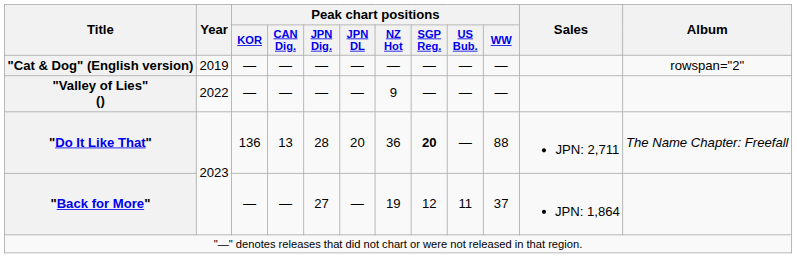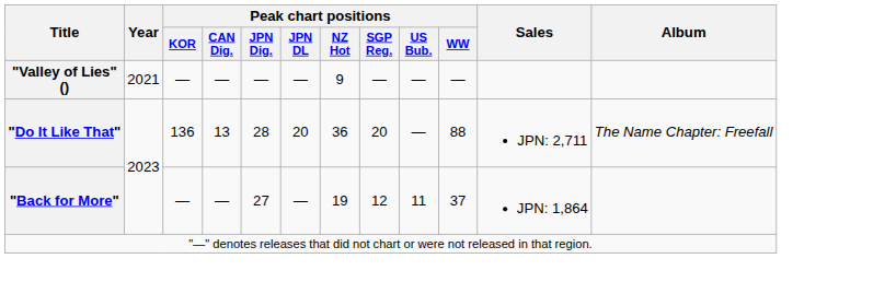 <table class="wikitable plainrowheaders" style="text-align:center">
 <tr>
 <th scope="col" rowspan="2">Title</th>
 <th scope="col" rowspan="2">Year</th>
 <th scope="col" colspan="8">Peak chart positions</th>
 <th scope="col" rowspan="2">Sales</th>
 <th scope="col" rowspan="2">Album</th>
 </tr>
 <tr>
 <th scope="col" style="width:2.75em;font-size:85%"><a href='#'>KOR</a><br></th>
 <th scope="col" style="width:2.75em;font-size:85%"><a href='#'>CAN<br>Dig.</a><br></th>
 <th scope="col" style="width:2.75em;font-size:85%"><a href='#'>JPN<br>Dig.</a><br></th>
 <th scope="col" style="width:2.75em;font-size:85%"><a href='#'>JPN<br>DL</a><br></th>
 <th scope="col" style="width:2.75em;font-size:85%"><a href='#'>NZ Hot</a><br></th>
 <th scope="col" style="width:2.75em;font-size:85%"><a href='#'>SGP<br>Reg.</a><br></th>
 <th scope="col" style="width:2.75em;font-size:85%"><a href='#'>US<br>Bub.</a><br></th>
 <th scope="col" style="width:2.75em;font-size:85%"><a href='#'>WW</a><br></th>
 </tr>
 <tr>
-<th scope="row">"Cat & Dog" (English version)</th>
-<td>2019</td>
-<td>—</td>
-<td>—</td>
-<td>—</td>
-<td>—</td>
-<td>—</td>
-<td>—</td>
-<td>—</td>
-<td>—</td>
-<td></td>
-<td>rowspan="2" </td>
-</tr>
-<tr>
 <th scope="row">"Valley of Lies"<br>()</th>
-<td>2022</td>
+<td>2021</td>
 <td>—</td>
 <td>—</td>
 <td>—</td>
 <td>—</td>
 <td>9</td>
 <td>—</td>
 <td>—</td>
 <td>—</td>
 <td></td>
 </tr>
 <tr>
 <th scope="row">"<a href='#'>Do It Like That</a>"<br></th>
 <td rowspan="2">2023</td>
 <td>136</td>
 <td>13</td>
 <td>28</td>
 <td>20</td>
 <td>36</td>
-<td><strong>20</strong></td>
+<td>20</td>
 <td>—</td>
 <td>88</td>
 <td><br><ul><li>JPN: 2,711</li></ul></td>
 <td><em>The Name Chapter: Freefall</em></td>
 </tr>
 <tr>
 <th scope="row">"<a href='#'>Back for More</a>"<br></th>
 <td>—</td>
 <td>—</td>
 <td>27</td>
 <td>—</td>
 <td>19</td>
 <td>12</td>
 <td>11</td>
 <td>37</td>
 <td><br><ul><li>JPN: 1,864</li></ul></td>
 <td></td>
 </tr>
 <tr>
 <td colspan="12" style="font-size:85%">"—" denotes releases that did not chart or were not released in that region.</td>
 </tr>
 </table>
